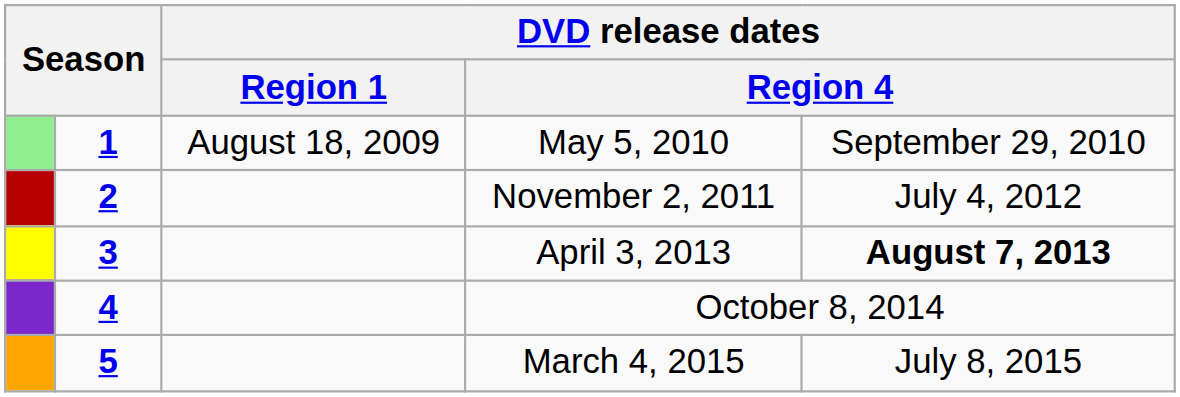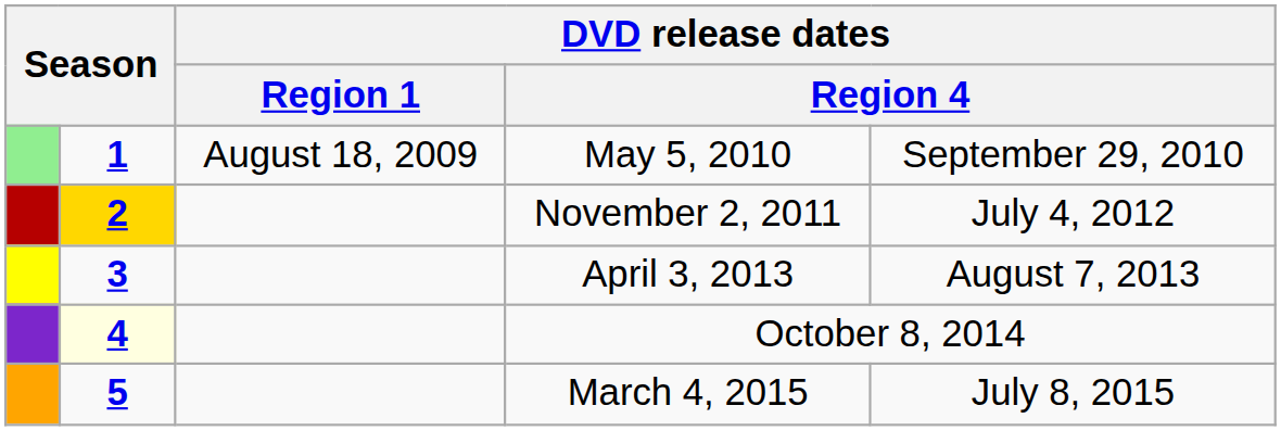 <table class="wikitable" style="text-align:center;width:540px">
 <tr>
 <th colspan="2" rowspan="2">Season</th>
 <th colspan="3"><a href='#'>DVD</a> release dates</th>
 </tr>
 <tr>
 <th><a href='#'>Region 1</a></th>
 <th colspan="2"><a href='#'>Region 4</a></th>
 </tr>
 <tr>
 <td style="background:lightgreen; height:10px;"></td>
 <td><strong><a href='#'>1</a></strong></td>
 <td>August 18, 2009</td>
 <td>May 5, 2010</td>
 <td>September 29, 2010</td>
 </tr>
 <tr>
 <td style="background:#B60000; height:10px;"></td>
-<td><strong><a href='#'>2</a></strong></td>
+<td style="background: gold;"><strong><a href='#'>2</a></strong></td>
 <td></td>
 <td>November 2, 2011</td>
 <td>July 4, 2012</td>
 </tr>
 <tr>
 <td style="background:yellow; height:10px;"></td>
 <td><strong><a href='#'>3</a></strong></td>
 <td></td>
 <td>April 3, 2013</td>
-<td><strong>August 7, 2013</strong></td>
+<td>August 7, 2013</td>
 </tr>
 <tr>
 <td style="background:#7C26CB; height:10px;"></td>
-<td><strong><a href='#'>4</a></strong></td>
+<td style="background: lightyellow;"><strong><a href='#'>4</a></strong></td>
 <td></td>
 <td colspan="2">October 8, 2014</td>
 </tr>
 <tr>
 <td style="background:orange; height:10px;"></td>
 <td><strong><a href='#'>5</a></strong></td>
 <td></td>
 <td>March 4, 2015</td>
 <td>July 8, 2015</td>
 </tr>
 </table>
